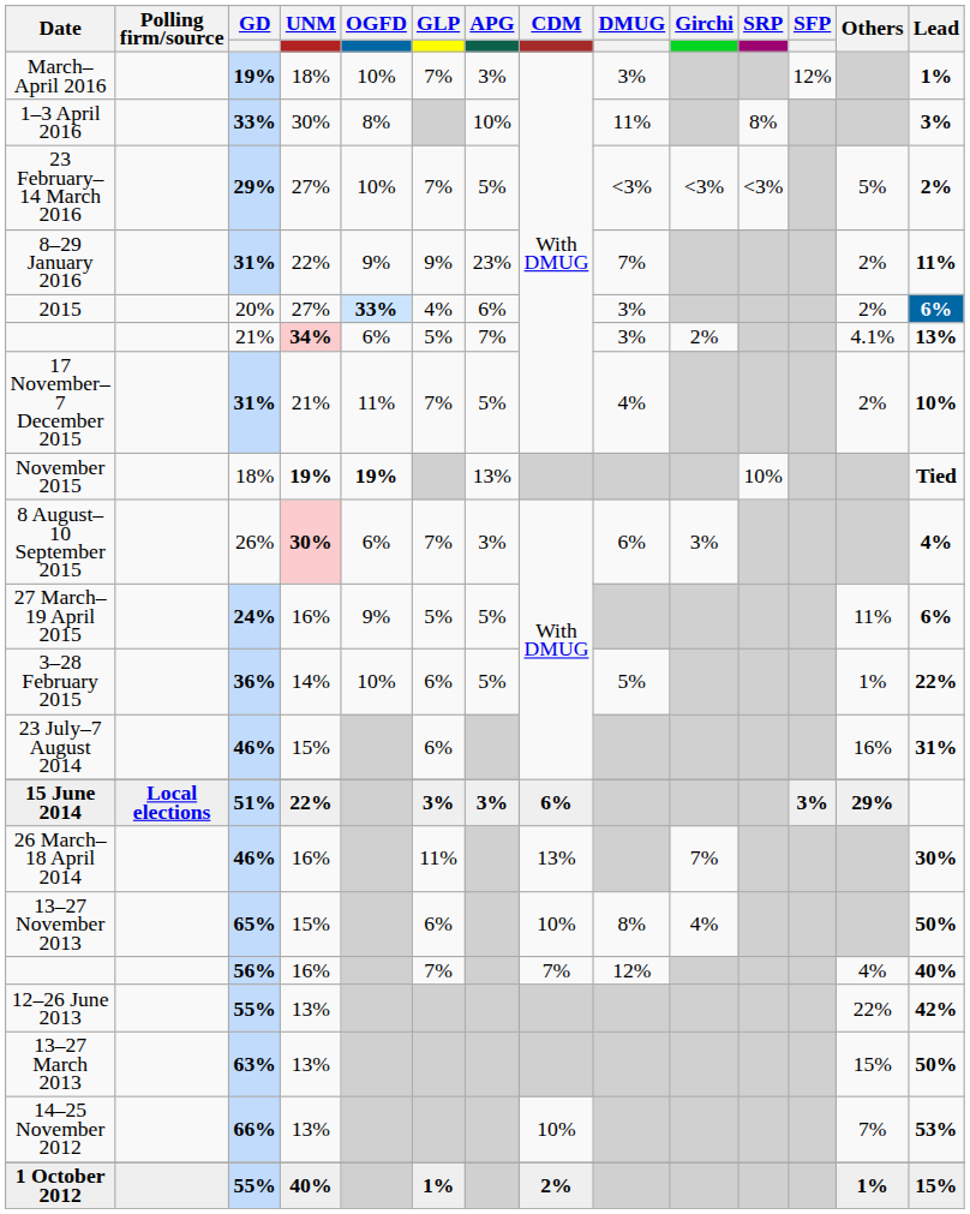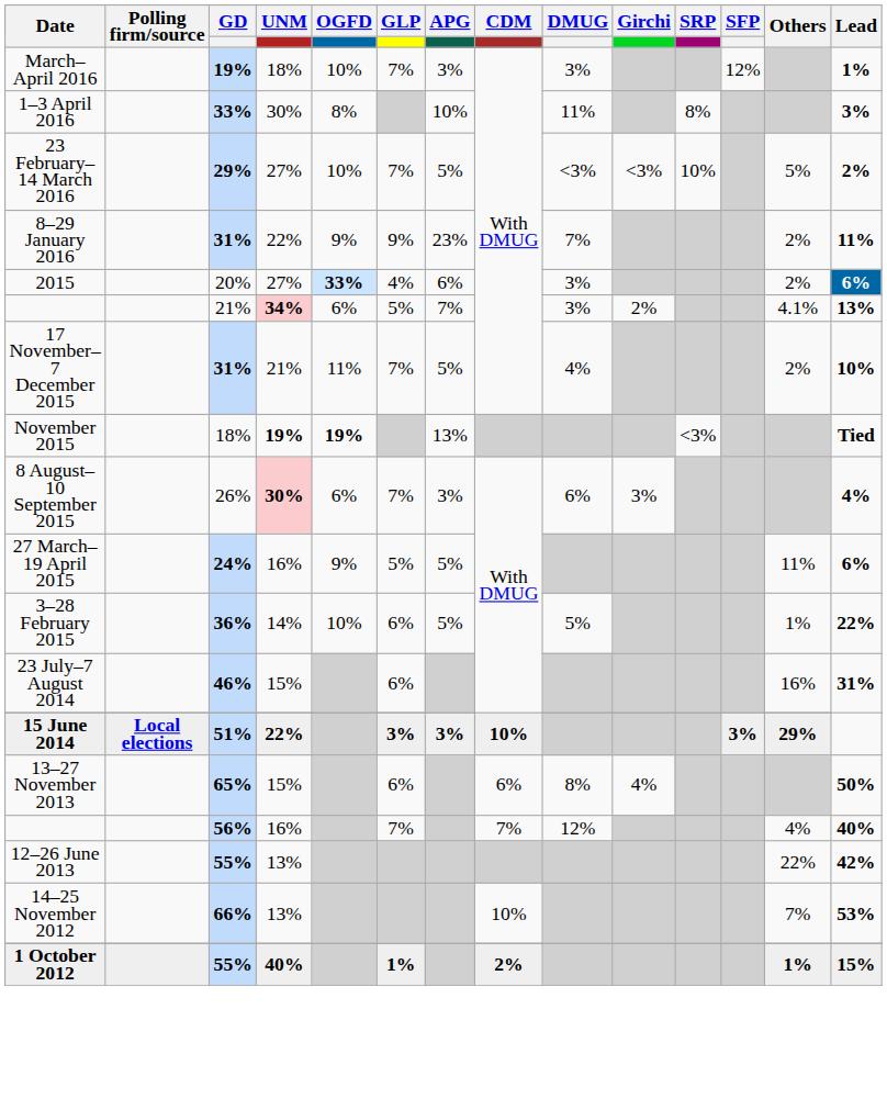 <table class=wikitable style="text-align:center; font-size:100%; line-height:14px;">
 <tr style="background-color:#E9E9E9">
 <th rowspan="2">Date</th>
 <th rowspan="2">Polling firm/source</th>
 <th style="width:40px;"><a href='#'>GD</a></th>
 <th style="width:40px;"><a href='#'>UNM</a></th>
 <th style="width:40px;"><a href='#'>OGFD</a></th>
 <th style="width:40px;"><a href='#'>GLP</a></th>
 <th style="width:40px;"><a href='#'>APG</a></th>
 <th style="width:40px;"><a href='#'>CDM</a></th>
 <th style="width:40px;"><a href='#'>DMUG</a></th>
 <th style="width:40px;"><a href='#'>Girchi</a></th>
 <th style="width:40px;"><a href='#'>SRP</a></th>
 <th style="width:40px;"><a href='#'>SFP</a></th>
 <th style="width:40px;" rowspan="2">Others</th>
 <th style="width:20px;" rowspan="2">Lead</th>
 </tr>
 <tr>
 <th style="background:"></th>
 <th style="background:#B22222"></th>
 <th style="background:#0067A5"></th>
 <th style="background:#FFFF00"></th>
 <th style="background:#0B614B"></th>
 <th style="background:#A52A2A"></th>
 <th style="background:"></th>
 <th style="background:#00D520"></th>
 <th style="background:#9D0071"></th>
 <th style="background:"></th>
 </tr>
 <tr>
 <td>March–April 2016</td>
 <td></td>
 <td style="background:#C0DBFC"><strong>19%</strong></td>
 <td>18%</td>
 <td>10%</td>
 <td>7%</td>
 <td>3%</td>
 <td rowspan=7>With <a href='#'>DMUG</a></td>
 <td>3%</td>
 <td style="background:#D0D0D0;"></td>
 <td style="background:#D0D0D0;"></td>
 <td>12%</td>
 <td style="background:#D0D0D0;"></td>
 <td style="background:"><strong>1%</strong></td>
 </tr>
 <tr>
 <td>1–3 April 2016</td>
 <td></td>
 <td style="background:#C0DBFC"><strong>33%</strong></td>
 <td>30%</td>
 <td>8%</td>
 <td style="background:#D0D0D0;"></td>
 <td>10%</td>
 <td>11%</td>
 <td style="background:#D0D0D0;"></td>
 <td>8%</td>
 <td style="background:#D0D0D0;"></td>
 <td style="background:#D0D0D0;"></td>
 <td style="background:"><strong>3%</strong></td>
 </tr>
 <tr>
 <td>23 February–14 March 2016</td>
 <td></td>
 <td style="background:#C0DBFC"><strong>29%</strong></td>
 <td>27%</td>
 <td>10%</td>
 <td>7%</td>
 <td>5%</td>
 <td><3%</td>
 <td><3%</td>
-<td><3%</td>
+<td>10%</td>
 <td style="background:#D0D0D0;"></td>
 <td>5%</td>
 <td style="background:"><strong>2%</strong></td>
 </tr>
 <tr>
 <td>8–29 January 2016</td>
 <td></td>
 <td style="background:#C0DBFC"><strong>31%</strong></td>
 <td>22%</td>
 <td>9%</td>
 <td>9%</td>
 <td>23%</td>
 <td>7%</td>
 <td style="background:#D0D0D0;"></td>
 <td style="background:#D0D0D0;"></td>
 <td style="background:#D0D0D0;"></td>
 <td>2%</td>
 <td style="background:"><strong>11%</strong></td>
 </tr>
 <tr>
 <td>2015</td>
 <td></td>
 <td>20%</td>
 <td>27%</td>
 <td style="background:#cce5ff"><strong>33%</strong></td>
 <td>4%</td>
 <td>6%</td>
 <td>3%</td>
 <td style="background:#D0D0D0;"></td>
 <td style="background:#D0D0D0;"></td>
 <td style="background:#D0D0D0;"></td>
 <td>2%</td>
 <td style="background:#0067A5; color:white"><strong>6%</strong></td>
 </tr>
 <tr>
 <td></td>
 <td></td>
 <td>21%</td>
 <td style="background:#FCCBCD"><strong>34%</strong></td>
 <td>6%</td>
 <td>5%</td>
 <td>7%</td>
 <td>3%</td>
 <td>2%</td>
 <td style="background:#D0D0D0;"></td>
 <td style="background:#D0D0D0;"></td>
 <td>4.1%</td>
 <td style="background:"><strong>13%</strong></td>
 </tr>
 <tr>
 <td>17 November–7 December 2015</td>
 <td></td>
 <td style="background:#C0DBFC"><strong>31%</strong></td>
 <td>21%</td>
 <td>11%</td>
 <td>7%</td>
 <td>5%</td>
 <td>4%</td>
 <td style="background:#D0D0D0;"></td>
 <td style="background:#D0D0D0;"></td>
 <td style="background:#D0D0D0;"></td>
 <td>2%</td>
 <td style="background:"><strong>10%</strong></td>
 </tr>
 <tr>
 <td>November 2015</td>
 <td></td>
 <td>18%</td>
 <td><strong>19%</strong></td>
 <td><strong>19%</strong></td>
 <td style="background:#D0D0D0;"></td>
 <td>13%</td>
 <td style="background:#D0D0D0;"></td>
 <td style="background:#D0D0D0;"></td>
 <td style="background:#D0D0D0;"></td>
-<td>10%</td>
+<td><3%</td>
 <td style="background:#D0D0D0;"></td>
 <td style="background:#D0D0D0;"></td>
 <td><strong>Tied</strong></td>
 </tr>
 <tr>
 <td>8 August–10 September 2015</td>
 <td></td>
 <td>26%</td>
 <td style="background:#FCCBCD"><strong>30%</strong></td>
 <td>6%</td>
 <td>7%</td>
 <td>3%</td>
 <td rowspan=5>With <a href='#'>DMUG</a></td>
 <td>6%</td>
 <td>3%</td>
 <td style="background:#D0D0D0;"></td>
 <td style="background:#D0D0D0;"></td>
 <td style="background:#D0D0D0;"></td>
 <td style="background:"><strong>4%</strong></td>
 </tr>
 <tr>
 <td>27 March–19 April 2015</td>
 <td></td>
 <td style="background:#C0DBFC"><strong>24%</strong></td>
 <td>16%</td>
 <td>9%</td>
 <td>5%</td>
 <td>5%</td>
 <td style="background:#D0D0D0;"></td>
 <td style="background:#D0D0D0;"></td>
 <td style="background:#D0D0D0;"></td>
 <td style="background:#D0D0D0;"></td>
 <td>11%</td>
 <td style="background:"><strong>6%</strong></td>
 </tr>
 <tr>
 <td>3–28 February 2015</td>
 <td></td>
 <td style="background:#C0DBFC"><strong>36%</strong></td>
 <td>14%</td>
 <td>10%</td>
 <td>6%</td>
 <td>5%</td>
 <td>5%</td>
 <td style="background:#D0D0D0;"></td>
 <td style="background:#D0D0D0;"></td>
 <td style="background:#D0D0D0;"></td>
 <td>1%</td>
 <td style="background:"><strong>22%</strong></td>
 </tr>
 <tr>
 <td>23 July–7 August 2014</td>
 <td></td>
 <td style="background:#C0DBFC"><strong>46%</strong></td>
 <td>15%</td>
 <td style="background:#D0D0D0;"></td>
 <td>6%</td>
 <td style="background:#D0D0D0;"></td>
 <td style="background:#D0D0D0;"></td>
 <td style="background:#D0D0D0;"></td>
 <td style="background:#D0D0D0;"></td>
 <td style="background:#D0D0D0;"></td>
 <td>16%</td>
 <td style="background:"><strong>31%</strong></td>
 </tr>
 <tr>
 </tr>
 <tr style="background:#EFEFEF; font-weight:bold;">
 <td>15 June 2014</td>
 <td><a href='#'>Local elections</a></td>
 <td style="background:#C0DBFC"><strong>51%</strong></td>
 <td>22%</td>
 <td style="background:#D0D0D0;"></td>
 <td>3%</td>
 <td>3%</td>
-<td>6%</td>
+<td>10%</td>
 <td style="background:#D0D0D0;"></td>
 <td style="background:#D0D0D0;"></td>
 <td style="background:#D0D0D0;"></td>
 <td>3%</td>
 <td style="background:"><strong>29%</strong></td>
-</tr>
-<tr>
-<td>26 March–18 April 2014</td>
-<td></td>
-<td style="background:#C0DBFC"><strong>46%</strong></td>
-<td>16%</td>
-<td style="background:#D0D0D0;"></td>
-<td>11%</td>
-<td style="background:#D0D0D0;"></td>
-<td>13%</td>
-<td style="background:#D0D0D0;"></td>
-<td>7%</td>
-<td style="background:#D0D0D0;"></td>
-<td style="background:#D0D0D0;"></td>
-<td style="background:#D0D0D0;"></td>
-<td style="background:"><strong>30%</strong></td>
 </tr>
 <tr>
 <td>13–27 November 2013</td>
 <td></td>
 <td style="background:#C0DBFC"><strong>65%</strong></td>
 <td>15%</td>
 <td style="background:#D0D0D0;"></td>
 <td>6%</td>
 <td style="background:#D0D0D0;"></td>
-<td>10%</td>
+<td>6%</td>
 <td>8%</td>
 <td>4%</td>
 <td style="background:#D0D0D0;"></td>
 <td style="background:#D0D0D0;"></td>
 <td style="background:#D0D0D0;"></td>
 <td style="background:"><strong>50%</strong></td>
 </tr>
 <tr>
 <td></td>
 <td></td>
 <td style="background:#C0DBFC"><strong>56%</strong></td>
 <td>16%</td>
 <td style="background:#D0D0D0;"></td>
 <td>7%</td>
 <td style="background:#D0D0D0;"></td>
 <td>7%</td>
 <td>12%</td>
 <td style="background:#D0D0D0;"></td>
 <td style="background:#D0D0D0;"></td>
 <td style="background:#D0D0D0;"></td>
 <td>4%</td>
 <td style="background:"><strong>40%</strong></td>
 </tr>
 <tr>
 <td>12–26 June 2013</td>
 <td></td>
 <td style="background:#C0DBFC"><strong>55%</strong></td>
 <td>13%</td>
 <td style="background:#D0D0D0;"></td>
 <td style="background:#D0D0D0;"></td>
 <td style="background:#D0D0D0;"></td>
 <td style="background:#D0D0D0;"></td>
 <td style="background:#D0D0D0;"></td>
 <td style="background:#D0D0D0;"></td>
 <td style="background:#D0D0D0;"></td>
 <td style="background:#D0D0D0;"></td>
 <td>22%</td>
 <td style="background:"><strong>42%</strong></td>
 </tr>
 <tr>
-<td>13–27 March 2013</td>
-<td></td>
-<td style="background:#C0DBFC"><strong>63%</strong></td>
-<td>13%</td>
-<td style="background:#D0D0D0;"></td>
-<td style="background:#D0D0D0;"></td>
-<td style="background:#D0D0D0;"></td>
-<td style="background:#D0D0D0;"></td>
-<td style="background:#D0D0D0;"></td>
-<td style="background:#D0D0D0;"></td>
-<td style="background:#D0D0D0;"></td>
-<td style="background:#D0D0D0;"></td>
-<td>15%</td>
-<td style="background:"><strong>50%</strong></td>
-</tr>
-<tr>
 <td>14–25 November 2012</td>
 <td></td>
 <td style="background:#C0DBFC"><strong>66%</strong></td>
 <td>13%</td>
 <td style="background:#D0D0D0;"></td>
 <td style="background:#D0D0D0;"></td>
 <td style="background:#D0D0D0;"></td>
 <td>10%</td>
 <td style="background:#D0D0D0;"></td>
 <td style="background:#D0D0D0;"></td>
 <td style="background:#D0D0D0;"></td>
 <td style="background:#D0D0D0;"></td>
 <td>7%</td>
 <td style="background:"><strong>53%</strong></td>
 </tr>
 <tr>
 </tr>
 <tr style="background:#EFEFEF; font-weight:bold;">
 <td>1 October 2012</td>
 <td></td>
 <td style="background:#C0DBFC"><strong>55%</strong></td>
 <td>40%</td>
 <td style="background:#D0D0D0;"></td>
 <td>1%</td>
 <td style="background:#D0D0D0;"></td>
 <td>2%</td>
 <td style="background:#D0D0D0;"></td>
 <td style="background:#D0D0D0;"></td>
 <td style="background:#D0D0D0;"></td>
 <td style="background:#D0D0D0;"></td>
 <td>1%</td>
 <td style="background:"><strong>15%</strong></td>
 </tr>
 </table>
